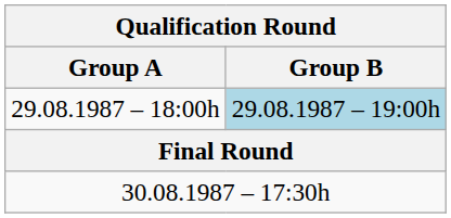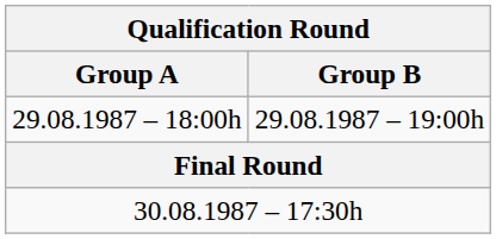 <table class="wikitable" style=" text-align:center; font-size:110%;" width="35%">
 <tr>
 <th colspan="2">Qualification Round</th>
 </tr>
 <tr>
 <th>Group A</th>
 <th>Group B</th>
 </tr>
 <tr>
 <td>29.08.1987 – 18:00h</td>
-<td style="background: lightblue;">29.08.1987 – 19:00h</td>
+<td>29.08.1987 – 19:00h</td>
 </tr>
 <tr>
 <th colspan="2">Final Round</th>
 </tr>
 <tr>
 <td colspan="2">30.08.1987 – 17:30h</td>
 </tr>
 </table>
